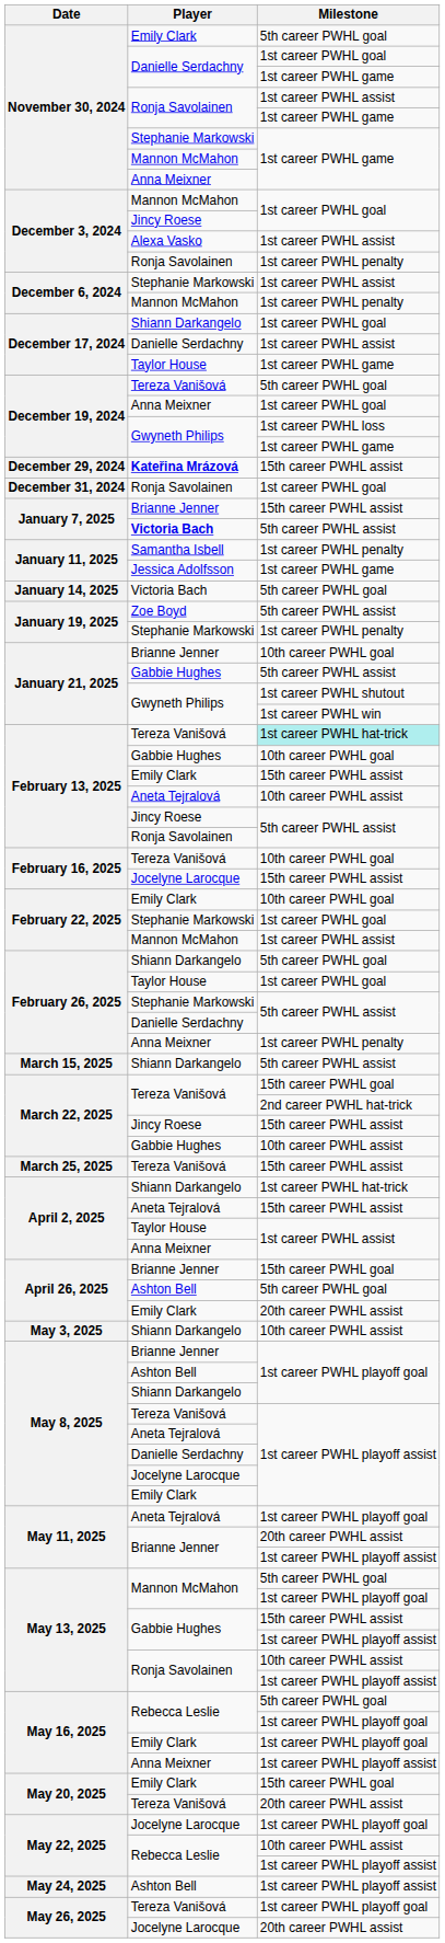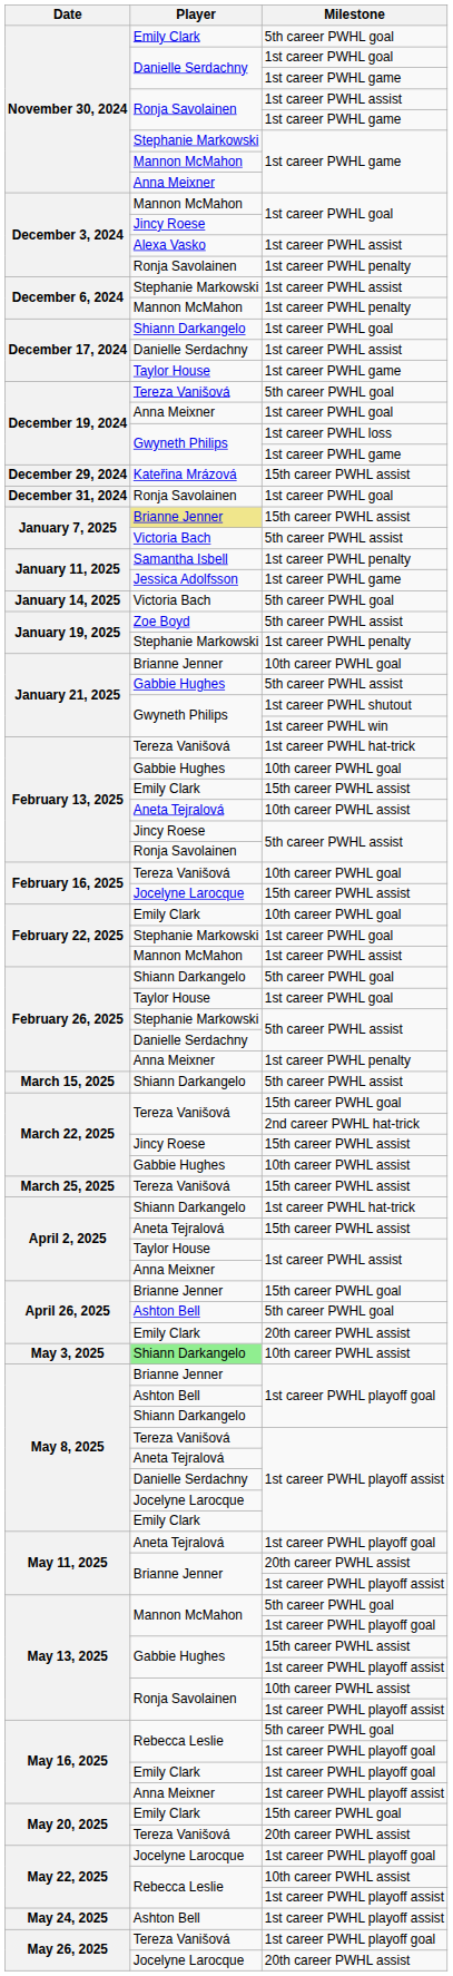 <table class="wikitable">
 <tr>
 <th scope="col">Date</th>
 <th scope="col">Player</th>
 <th scope="col">Milestone</th>
 </tr>
 <tr>
 <th scope="rowgroup" rowspan="8">November 30, 2024</th>
 <td><a href='#'>Emily Clark</a></td>
 <td>5th career PWHL goal</td>
 </tr>
 <tr>
 <td rowspan="2"><a href='#'>Danielle Serdachny</a></td>
 <td>1st career PWHL goal</td>
 </tr>
 <tr>
 <td>1st career PWHL game</td>
 </tr>
 <tr>
 <td rowspan="2"><a href='#'>Ronja Savolainen</a></td>
 <td>1st career PWHL assist</td>
 </tr>
 <tr>
 <td>1st career PWHL game</td>
 </tr>
 <tr>
 <td><a href='#'>Stephanie Markowski</a></td>
 <td rowspan="3">1st career PWHL game</td>
 </tr>
 <tr>
 <td><a href='#'>Mannon McMahon</a></td>
 </tr>
 <tr>
 <td><a href='#'>Anna Meixner</a></td>
 </tr>
 <tr>
 <th scope="rowgroup" rowspan="4">December 3, 2024</th>
 <td>Mannon McMahon</td>
 <td rowspan="2">1st career PWHL goal</td>
 </tr>
 <tr>
 <td><a href='#'>Jincy Roese</a></td>
 </tr>
 <tr>
 <td><a href='#'>Alexa Vasko</a></td>
 <td>1st career PWHL assist</td>
 </tr>
 <tr>
 <td>Ronja Savolainen</td>
 <td>1st career PWHL penalty</td>
 </tr>
 <tr>
 <th scope="rowgroup" rowspan="2">December 6, 2024</th>
 <td>Stephanie Markowski</td>
 <td>1st career PWHL assist</td>
 </tr>
 <tr>
 <td>Mannon McMahon</td>
 <td>1st career PWHL penalty</td>
 </tr>
 <tr>
 <th scope="rowgroup" rowspan="3">December 17, 2024</th>
 <td><a href='#'>Shiann Darkangelo</a></td>
 <td>1st career PWHL goal</td>
 </tr>
 <tr>
 <td>Danielle Serdachny</td>
 <td>1st career PWHL assist</td>
 </tr>
 <tr>
 <td><a href='#'>Taylor House</a></td>
 <td>1st career PWHL game</td>
 </tr>
 <tr>
 <th scope="rowgroup" rowspan="4">December 19, 2024</th>
 <td><a href='#'>Tereza Vanišová</a></td>
 <td>5th career PWHL goal</td>
 </tr>
 <tr>
 <td>Anna Meixner</td>
 <td>1st career PWHL goal</td>
 </tr>
 <tr>
 <td rowspan="2"><a href='#'>Gwyneth Philips</a></td>
 <td>1st career PWHL loss</td>
 </tr>
 <tr>
 <td>1st career PWHL game</td>
 </tr>
 <tr>
 <th scope="rowgroup" rowspan="1">December 29, 2024</th>
-<td><strong><a href='#'>Kateřina Mrázová</a></strong></td>
+<td><a href='#'>Kateřina Mrázová</a></td>
 <td>15th career PWHL assist</td>
 </tr>
 <tr>
 <th scope="rowgroup" rowspan="1">December 31, 2024</th>
 <td>Ronja Savolainen</td>
 <td>1st career PWHL goal</td>
 </tr>
 <tr>
 <th scope="rowgroup" rowspan="2">January 7, 2025</th>
-<td><a href='#'>Brianne Jenner</a></td>
+<td style="background: khaki;"><a href='#'>Brianne Jenner</a></td>
 <td>15th career PWHL assist</td>
 </tr>
 <tr>
-<td><strong><a href='#'>Victoria Bach</a></strong></td>
+<td><a href='#'>Victoria Bach</a></td>
 <td>5th career PWHL assist</td>
 </tr>
 <tr>
 <th scope="rowgroup" rowspan="2">January 11, 2025</th>
 <td><a href='#'>Samantha Isbell</a></td>
 <td>1st career PWHL penalty</td>
 </tr>
 <tr>
 <td><a href='#'>Jessica Adolfsson</a></td>
 <td>1st career PWHL game</td>
 </tr>
 <tr>
 <th scope="rowgroup" rowspan="1">January 14, 2025</th>
 <td>Victoria Bach</td>
 <td>5th career PWHL goal</td>
 </tr>
 <tr>
 <th scope="rowgroup" rowspan="2">January 19, 2025</th>
 <td><a href='#'>Zoe Boyd</a></td>
 <td>5th career PWHL assist</td>
 </tr>
 <tr>
 <td>Stephanie Markowski</td>
 <td>1st career PWHL penalty</td>
 </tr>
 <tr>
 <th scope="rowgroup" rowspan="4">January 21, 2025</th>
 <td>Brianne Jenner</td>
 <td>10th career PWHL goal</td>
 </tr>
 <tr>
 <td><a href='#'>Gabbie Hughes</a></td>
 <td>5th career PWHL assist</td>
 </tr>
 <tr>
 <td rowspan="2">Gwyneth Philips</td>
 <td>1st career PWHL shutout</td>
 </tr>
 <tr>
 <td>1st career PWHL win</td>
 </tr>
 <tr>
 <th scope="rowgroup" rowspan="6">February 13, 2025</th>
 <td>Tereza Vanišová</td>
-<td style="background: paleturquoise;">1st career PWHL hat-trick</td>
+<td>1st career PWHL hat-trick</td>
 </tr>
 <tr>
 <td>Gabbie Hughes</td>
 <td>10th career PWHL goal</td>
 </tr>
 <tr>
 <td>Emily Clark</td>
 <td>15th career PWHL assist</td>
 </tr>
 <tr>
 <td><a href='#'>Aneta Tejralová</a></td>
 <td>10th career PWHL assist</td>
 </tr>
 <tr>
 <td>Jincy Roese</td>
 <td rowspan="2">5th career PWHL assist</td>
 </tr>
 <tr>
 <td>Ronja Savolainen</td>
 </tr>
 <tr>
 <th scope="rowgroup" rowspan="2">February 16, 2025</th>
 <td>Tereza Vanišová</td>
 <td>10th career PWHL goal</td>
 </tr>
 <tr>
 <td><a href='#'>Jocelyne Larocque</a></td>
 <td>15th career PWHL assist</td>
 </tr>
 <tr>
 <th scope="rowgroup" rowspan="3">February 22, 2025</th>
 <td>Emily Clark</td>
 <td>10th career PWHL goal</td>
 </tr>
 <tr>
 <td>Stephanie Markowski</td>
 <td>1st career PWHL goal</td>
 </tr>
 <tr>
 <td>Mannon McMahon</td>
 <td>1st career PWHL assist</td>
 </tr>
 <tr>
 <th scope="rowgroup" rowspan="5">February 26, 2025</th>
 <td>Shiann Darkangelo</td>
 <td>5th career PWHL goal</td>
 </tr>
 <tr>
 <td>Taylor House</td>
 <td>1st career PWHL goal</td>
 </tr>
 <tr>
 <td>Stephanie Markowski</td>
 <td rowspan="2">5th career PWHL assist</td>
 </tr>
 <tr>
 <td>Danielle Serdachny</td>
 </tr>
 <tr>
 <td>Anna Meixner</td>
 <td>1st career PWHL penalty</td>
 </tr>
 <tr>
 <th scope="rowgroup" rowspan="1">March 15, 2025</th>
 <td>Shiann Darkangelo</td>
 <td>5th career PWHL assist</td>
 </tr>
 <tr>
 <th scope="rowgroup" rowspan="4">March 22, 2025</th>
 <td rowspan="2">Tereza Vanišová</td>
 <td>15th career PWHL goal</td>
 </tr>
 <tr>
 <td>2nd career PWHL hat-trick</td>
 </tr>
 <tr>
 <td>Jincy Roese</td>
 <td>15th career PWHL assist</td>
 </tr>
 <tr>
 <td>Gabbie Hughes</td>
 <td>10th career PWHL assist</td>
 </tr>
 <tr>
 <th scope="rowgroup" rowspan="1">March 25, 2025</th>
 <td>Tereza Vanišová</td>
 <td>15th career PWHL assist</td>
 </tr>
 <tr>
 <th scope="rowgroup" rowspan="4">April 2, 2025</th>
 <td>Shiann Darkangelo</td>
 <td>1st career PWHL hat-trick</td>
 </tr>
 <tr>
 <td>Aneta Tejralová</td>
 <td>15th career PWHL assist</td>
 </tr>
 <tr>
 <td>Taylor House</td>
 <td rowspan="2">1st career PWHL assist</td>
 </tr>
 <tr>
 <td>Anna Meixner</td>
 </tr>
 <tr>
 <th scope="rowgroup" rowspan="3">April 26, 2025</th>
 <td>Brianne Jenner</td>
 <td>15th career PWHL goal</td>
 </tr>
 <tr>
 <td><a href='#'>Ashton Bell</a></td>
 <td>5th career PWHL goal</td>
 </tr>
 <tr>
 <td>Emily Clark</td>
 <td>20th career PWHL assist</td>
 </tr>
 <tr>
 <th scope="rowgroup" rowspan="1">May 3, 2025</th>
-<td>Shiann Darkangelo</td>
+<td style="background: lightgreen;">Shiann Darkangelo</td>
 <td>10th career PWHL assist</td>
 </tr>
 <tr>
 <th scope="rowgroup" rowspan="8">May 8, 2025</th>
 <td>Brianne Jenner</td>
 <td rowspan="3">1st career PWHL playoff goal</td>
 </tr>
 <tr>
 <td>Ashton Bell</td>
 </tr>
 <tr>
 <td>Shiann Darkangelo</td>
 </tr>
 <tr>
 <td>Tereza Vanišová</td>
 <td rowspan="5">1st career PWHL playoff assist</td>
 </tr>
 <tr>
 <td>Aneta Tejralová</td>
 </tr>
 <tr>
 <td>Danielle Serdachny</td>
 </tr>
 <tr>
 <td>Jocelyne Larocque</td>
 </tr>
 <tr>
 <td>Emily Clark</td>
 </tr>
 <tr>
 <th scope="rowgroup" rowspan="3">May 11, 2025</th>
 <td>Aneta Tejralová</td>
 <td>1st career PWHL playoff goal</td>
 </tr>
 <tr>
 <td rowspan="2">Brianne Jenner</td>
 <td>20th career PWHL assist</td>
 </tr>
 <tr>
 <td>1st career PWHL playoff assist</td>
 </tr>
 <tr>
 <th scope="rowgroup" rowspan="6">May 13, 2025</th>
 <td rowspan="2">Mannon McMahon</td>
 <td>5th career PWHL goal</td>
 </tr>
 <tr>
 <td>1st career PWHL playoff goal</td>
 </tr>
 <tr>
 <td rowspan="2">Gabbie Hughes</td>
 <td>15th career PWHL assist</td>
 </tr>
 <tr>
 <td>1st career PWHL playoff assist</td>
 </tr>
 <tr>
 <td rowspan="2">Ronja Savolainen</td>
 <td>10th career PWHL assist</td>
 </tr>
 <tr>
 <td>1st career PWHL playoff assist</td>
 </tr>
 <tr>
 <th scope="rowgroup" rowspan="4">May 16, 2025</th>
 <td rowspan="2">Rebecca Leslie</td>
 <td>5th career PWHL goal</td>
 </tr>
 <tr>
 <td>1st career PWHL playoff goal</td>
 </tr>
 <tr>
 <td>Emily Clark</td>
 <td>1st career PWHL playoff goal</td>
 </tr>
 <tr>
 <td>Anna Meixner</td>
 <td>1st career PWHL playoff assist</td>
 </tr>
 <tr>
 <th scope="rowgroup" rowspan="2">May 20, 2025</th>
 <td>Emily Clark</td>
 <td>15th career PWHL goal</td>
 </tr>
 <tr>
 <td>Tereza Vanišová</td>
 <td>20th career PWHL assist</td>
 </tr>
 <tr>
 <th scope="rowgroup" rowspan="3">May 22, 2025</th>
 <td>Jocelyne Larocque</td>
 <td>1st career PWHL playoff goal</td>
 </tr>
 <tr>
 <td rowspan="2">Rebecca Leslie</td>
 <td>10th career PWHL assist</td>
 </tr>
 <tr>
 <td>1st career PWHL playoff assist</td>
 </tr>
 <tr>
 <th scope="rowgroup" rowspan="1">May 24, 2025</th>
 <td>Ashton Bell</td>
 <td>1st career PWHL playoff assist</td>
 </tr>
 <tr>
 <th scope="rowgroup" rowspan="2">May 26, 2025</th>
 <td>Tereza Vanišová</td>
 <td>1st career PWHL playoff goal</td>
 </tr>
 <tr>
 <td>Jocelyne Larocque</td>
 <td>20th career PWHL assist</td>
 </tr>
 </table>
